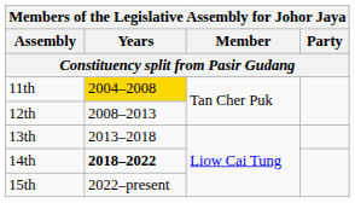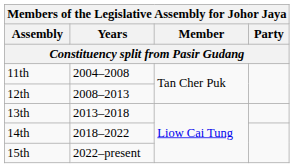 <table class="wikitable">
 <tr>
 <th colspan="4">Members of the Legislative Assembly for Johor Jaya</th>
 </tr>
 <tr>
 <th>Assembly</th>
 <th>Years</th>
 <th>Member</th>
 <th>Party</th>
 </tr>
 <tr>
 <th colspan="4"><em>Constituency split from Pasir Gudang</em></th>
 </tr>
 <tr>
 <td>11th</td>
-<td style="background: gold;">2004–2008</td>
+<td>2004–2008</td>
 <td rowspan="2">Tan Cher Puk</td>
 <td rowspan="2"></td>
 </tr>
 <tr>
 <td>12th</td>
 <td>2008–2013</td>
 </tr>
 <tr>
 <td>13th</td>
 <td>2013–2018</td>
 <td rowspan="3"><a href='#'>Liow Cai Tung</a></td>
 <td></td>
 </tr>
 <tr>
 <td>14th</td>
-<td><strong>2018–2022</strong></td>
+<td>2018–2022</td>
 <td rowspan="2"></td>
 </tr>
 <tr>
 <td>15th</td>
 <td>2022–present</td>
 </tr>
 </table>
